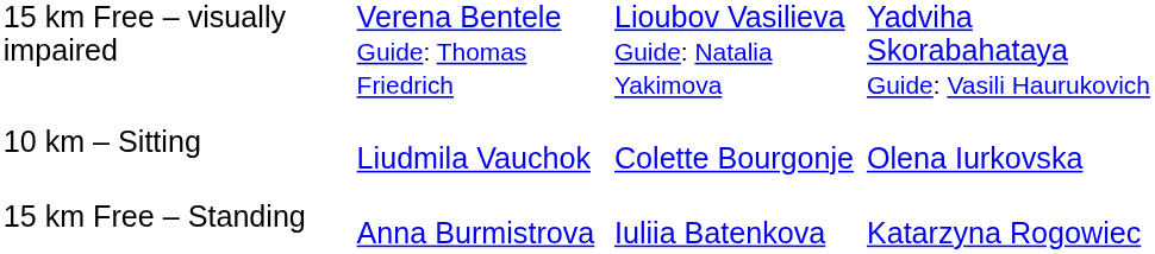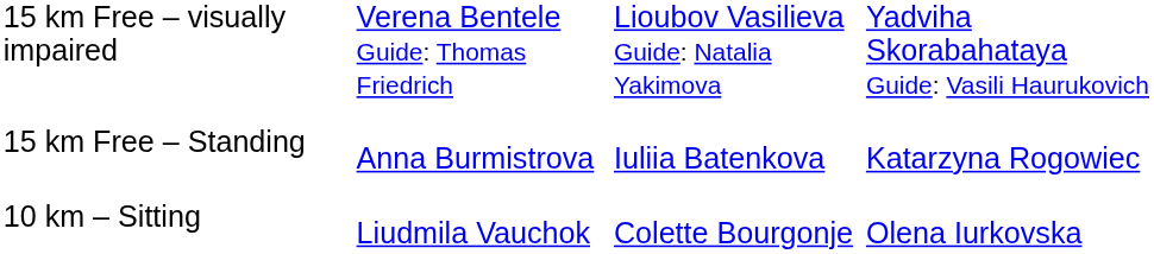 <table>
 <tr>
 <td>15 km Free – visually impaired</td>
 <td><br><a href='#'>Verena Bentele</a><br><small><a href='#'>Guide</a>: <a href='#'>Thomas Friedrich</a></small></td>
 <td><br><a href='#'>Lioubov Vasilieva</a><br><small><a href='#'>Guide</a>: <a href='#'>Natalia Yakimova</a></small></td>
 <td><br><a href='#'>Yadviha Skorabahataya</a><br><small><a href='#'>Guide</a>: <a href='#'>Vasili Haurukovich</a></small></td>
 </tr>
 <tr>
+<td>15 km Free – Standing</td>
+<td><br><a href='#'>Anna Burmistrova</a></td>
+<td><br><a href='#'>Iuliia Batenkova</a></td>
+<td><br><a href='#'>Katarzyna Rogowiec</a></td>
+</tr>
+<tr>
 <td>10 km – Sitting</td>
 <td><br><a href='#'>Liudmila Vauchok</a></td>
 <td><br><a href='#'>Colette Bourgonje</a></td>
 <td><br><a href='#'>Olena Iurkovska</a></td>
 </tr>
-<tr>
-<td>15 km Free – Standing</td>
-<td><br><a href='#'>Anna Burmistrova</a></td>
-<td><br><a href='#'>Iuliia Batenkova</a></td>
-<td><br><a href='#'>Katarzyna Rogowiec</a></td>
-</tr>
 </table>
